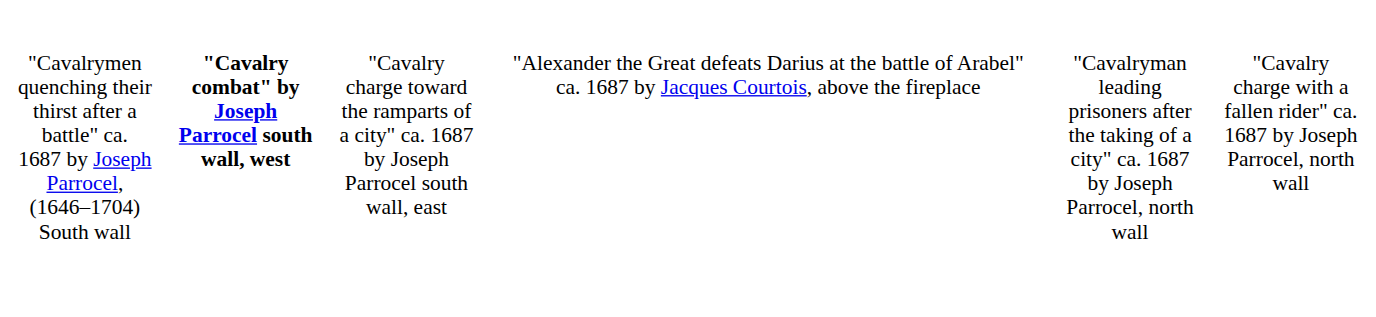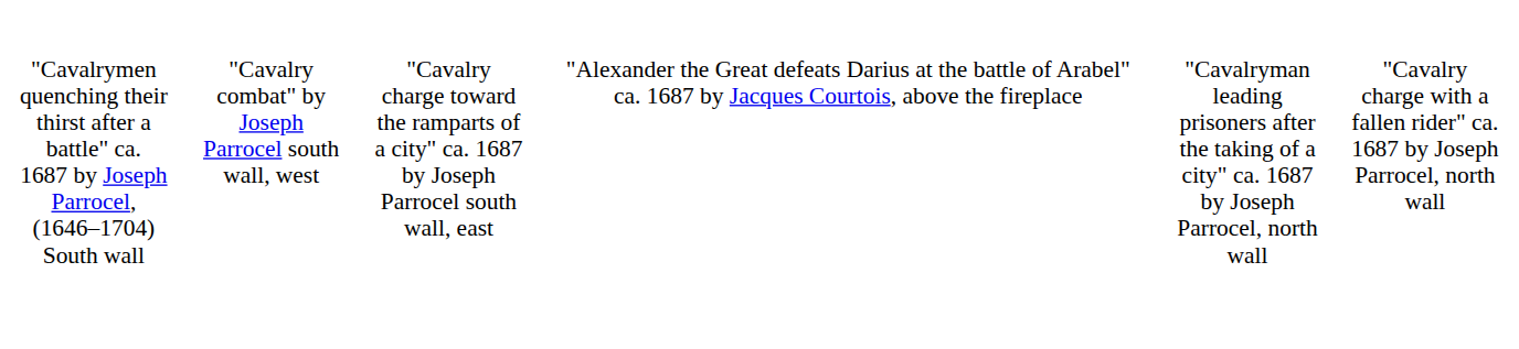 <table border="0"  style="background:white; color:black; height:230px; margin:auto; vertical-align:bottom;" cellpadding="10px" cellspacing="0px">
 <tr style="text-align:center;">
 <td></td>
 <td></td>
 <td></td>
 <td></td>
 <td></td>
 <td></td>
 </tr>
 <tr style="text-align:center; vertical-align:top;">
 <td style="width:100px;">"Cavalrymen quenching their thirst after a battle"  ca. 1687 by <a href='#'>Joseph Parrocel</a>, (1646–1704) South wall</td>
-<td style="width:100px;"><strong>"Cavalry combat" by <a href='#'>Joseph Parrocel</a> south wall, west</strong></td>
+<td style="width:100px;">"Cavalry combat" by <a href='#'>Joseph Parrocel</a> south wall, west</td>
 <td style="width:100px;">"Cavalry charge toward the ramparts of a city" ca. 1687 by Joseph Parrocel south wall, east</td>
 <td style="width:400px;">"Alexander the Great defeats Darius at the battle of Arabel" ca. 1687 by <a href='#'>Jacques Courtois</a>, above the fireplace</td>
 <td style="width:100px;">"Cavalryman leading prisoners after the taking of a city" ca. 1687 by Joseph Parrocel, north wall</td>
 <td style="width:100px;">"Cavalry charge with a fallen rider" ca. 1687 by Joseph Parrocel, north wall</td>
 </tr>
 </table>
